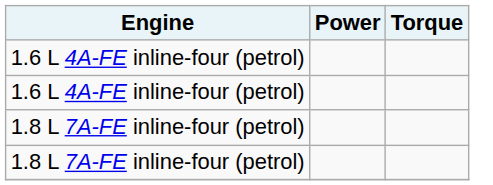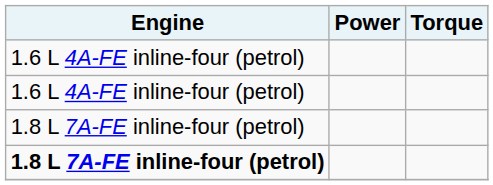 <table class="wikitable" style="float:left; margin-left:1em;">
 <tr>
 <th style="background:#e8f4f8;">Engine</th>
 <th style="background:#e8f4f8;">Power</th>
 <th style="background:#e8f4f8;">Torque</th>
 </tr>
 <tr>
 <td>1.6 L <em><a href='#'>4A-FE</a></em> inline-four (petrol)</td>
 <td></td>
 <td></td>
 </tr>
 <tr>
 <td>1.6 L <em><a href='#'>4A-FE</a></em> inline-four (petrol)</td>
 <td></td>
 <td></td>
 </tr>
 <tr>
 <td>1.8 L <em><a href='#'>7A-FE</a></em> inline-four (petrol)</td>
 <td></td>
 <td></td>
 </tr>
 <tr>
-<td>1.8 L <em><a href='#'>7A-FE</a></em> inline-four (petrol)</td>
+<td><strong>1.8 L <em><a href='#'>7A-FE</a></em> inline-four (petrol)</strong></td>
 <td></td>
 <td></td>
 </tr>
 <tr>
 </tr>
 </table>
